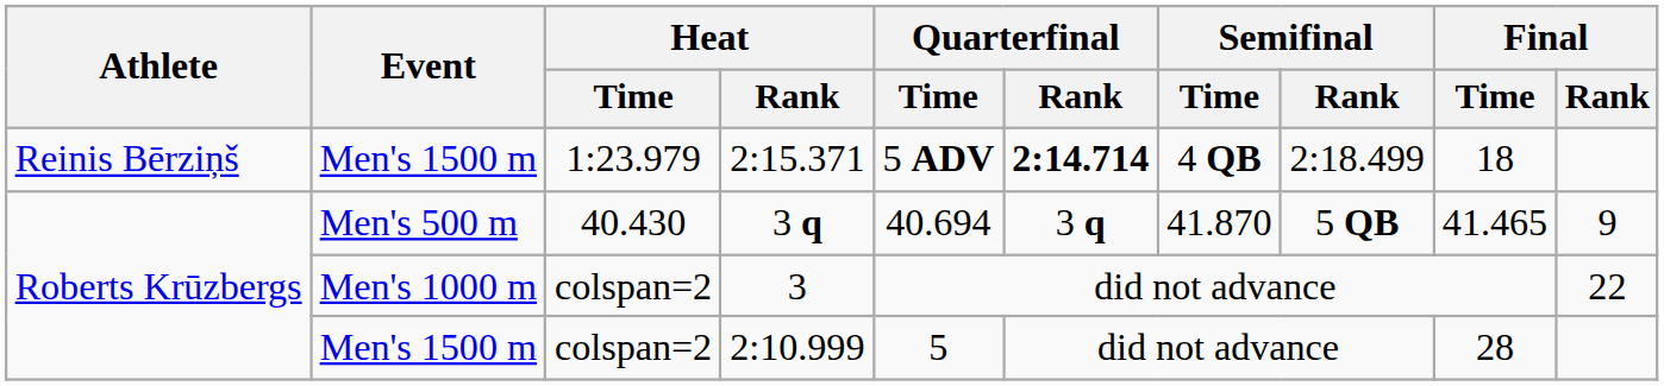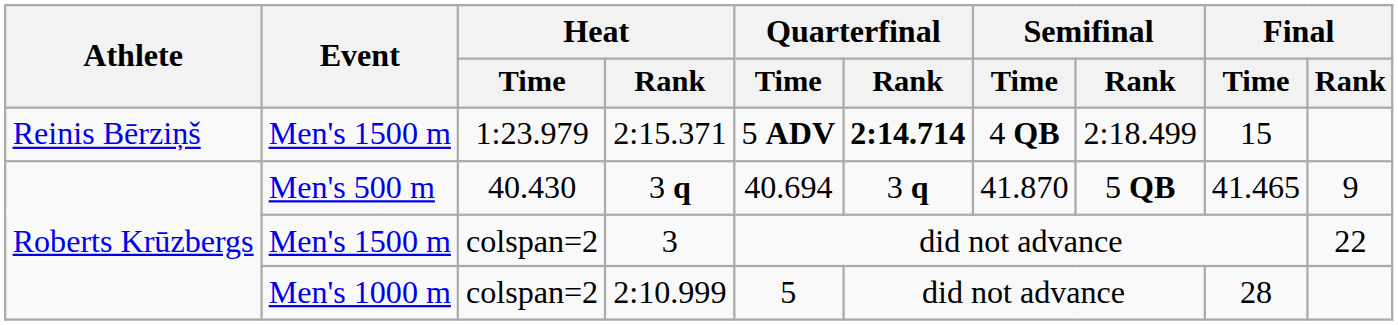 <table class=wikitable style="text-align:center; font-size:90%">
 <tr>
 <th rowspan=2>Athlete</th>
 <th rowspan=2>Event</th>
 <th colspan=2>Heat</th>
 <th colspan=2>Quarterfinal</th>
 <th colspan=2>Semifinal</th>
 <th colspan=2>Final</th>
 </tr>
 <tr style="font-size:95%">
 <th>Time</th>
 <th>Rank</th>
 <th>Time</th>
 <th>Rank</th>
 <th>Time</th>
 <th>Rank</th>
 <th>Time</th>
 <th>Rank</th>
 </tr>
 <tr>
 <td align=left><a href='#'>Reinis Bērziņš</a></td>
 <td align=left><a href='#'>Men's 1500 m</a></td>
 <td>1:23.979</td>
 <td>2:15.371</td>
 <td>5 <strong>ADV</strong></td>
 <td><strong>2:14.714</strong></td>
 <td>4 <strong>QB</strong></td>
 <td>2:18.499</td>
-<td>18</td>
+<td>15</td>
 </tr>
 <tr>
 <td align=left rowspan=3><a href='#'>Roberts Krūzbergs</a></td>
 <td align=left><a href='#'>Men's 500 m</a></td>
 <td>40.430</td>
 <td>3 <strong>q</strong></td>
 <td>40.694</td>
 <td>3 <strong>q</strong></td>
 <td>41.870</td>
 <td>5 <strong>QB</strong></td>
 <td>41.465</td>
 <td>9</td>
 </tr>
 <tr>
-<td align=left><a href='#'>Men's 1000 m</a></td>
+<td align=left><a href='#'>Men's 1500 m</a></td>
 <td>colspan=2 </td>
 <td>3</td>
 <td colspan=5>did not advance</td>
 <td>22</td>
 </tr>
 <tr>
-<td align=left><a href='#'>Men's 1500 m</a></td>
+<td align=left><a href='#'>Men's 1000 m</a></td>
 <td>colspan=2 </td>
 <td>2:10.999</td>
 <td>5</td>
 <td colspan=3>did not advance</td>
 <td>28</td>
 </tr>
 </table>
